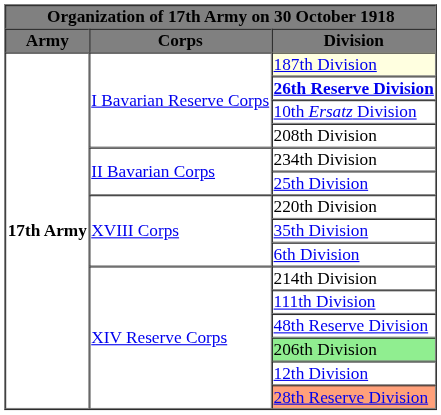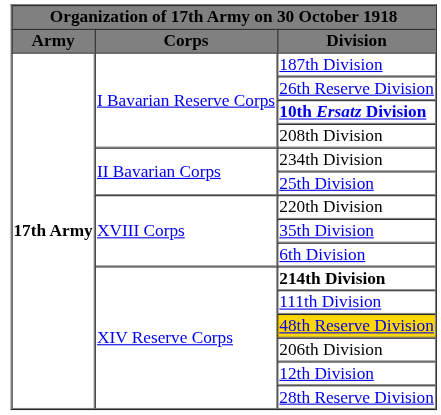 <table style="float: right;" border="1" cellpadding="1" cellspacing="0" style="font-size: 100%; border: gray solid 1px; border-collapse: collapse; text-align: center;">
 <tr style="background-color:grey; color:black;">
 <th colspan="3">Organization of 17th Army on 30 October 1918</th>
 </tr>
 <tr>
 </tr>
 <tr style="background-color:grey; color:black;">
 <th>Army</th>
 <th>Corps</th>
 <th>Division</th>
 </tr>
 <tr>
 <td ROWSPAN=15><strong>17th Army</strong></td>
 <td ROWSPAN=4><a href='#'>I Bavarian Reserve Corps</a></td>
-<td style="background: lightyellow;"><a href='#'>187th Division</a></td>
+<td><a href='#'>187th Division</a></td>
 </tr>
 <tr>
-<td><strong><a href='#'>26th Reserve Division</a></strong></td>
+<td><a href='#'>26th Reserve Division</a></td>
 </tr>
 <tr>
-<td><a href='#'>10th <em>Ersatz</em> Division</a></td>
+<td><strong><a href='#'>10th <em>Ersatz</em> Division</a></strong></td>
 </tr>
 <tr>
 <td>208th Division</td>
 </tr>
 <tr>
 <td ROWSPAN=2><a href='#'>II Bavarian Corps</a></td>
 <td>234th Division</td>
 </tr>
 <tr>
 <td><a href='#'>25th Division</a></td>
 </tr>
 <tr>
 <td ROWSPAN=3><a href='#'>XVIII Corps</a></td>
 <td>220th Division</td>
 </tr>
 <tr>
 <td><a href='#'>35th Division</a></td>
 </tr>
 <tr>
 <td><a href='#'>6th Division</a></td>
 </tr>
 <tr>
 <td ROWSPAN=6><a href='#'>XIV Reserve Corps</a></td>
-<td>214th Division</td>
+<td><strong>214th Division</strong></td>
 </tr>
 <tr>
 <td><a href='#'>111th Division</a></td>
 </tr>
 <tr>
-<td><a href='#'>48th Reserve Division</a></td>
+<td style="background: gold;"><a href='#'>48th Reserve Division</a></td>
 </tr>
 <tr>
-<td style="background: lightgreen;">206th Division</td>
+<td>206th Division</td>
 </tr>
 <tr>
 <td><a href='#'>12th Division</a></td>
 </tr>
 <tr>
-<td style="background: lightsalmon;"><a href='#'>28th Reserve Division</a></td>
+<td><a href='#'>28th Reserve Division</a></td>
 </tr>
 <tr>
 </tr>
 </table>
